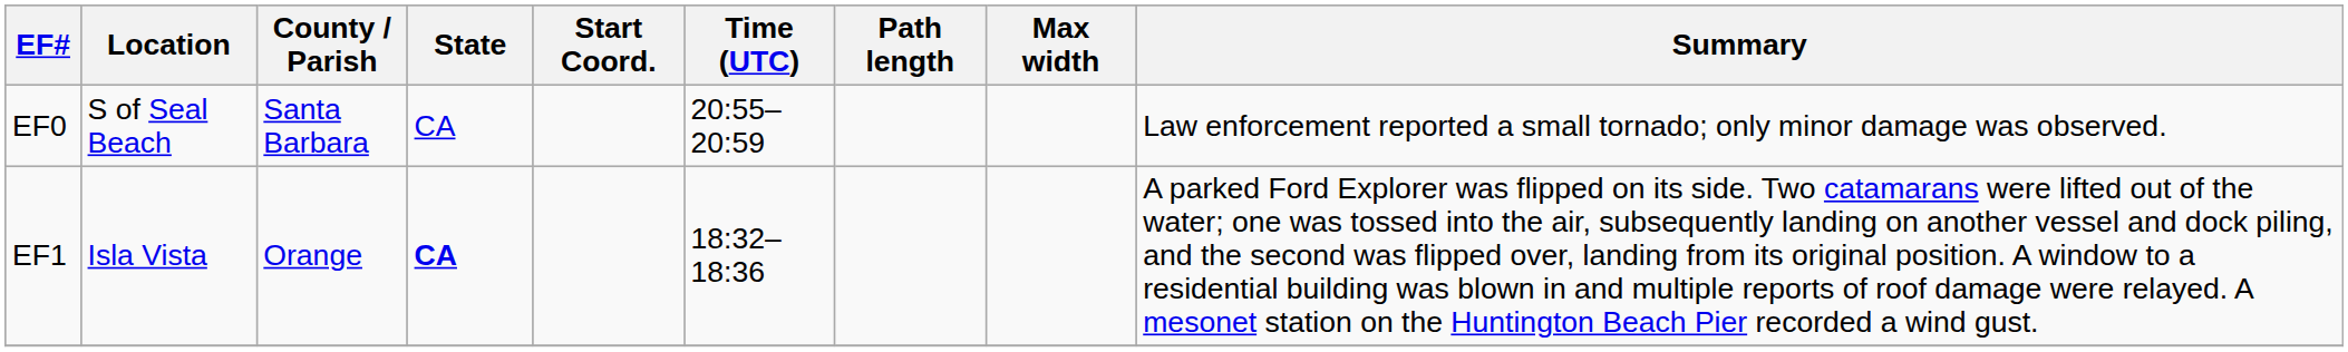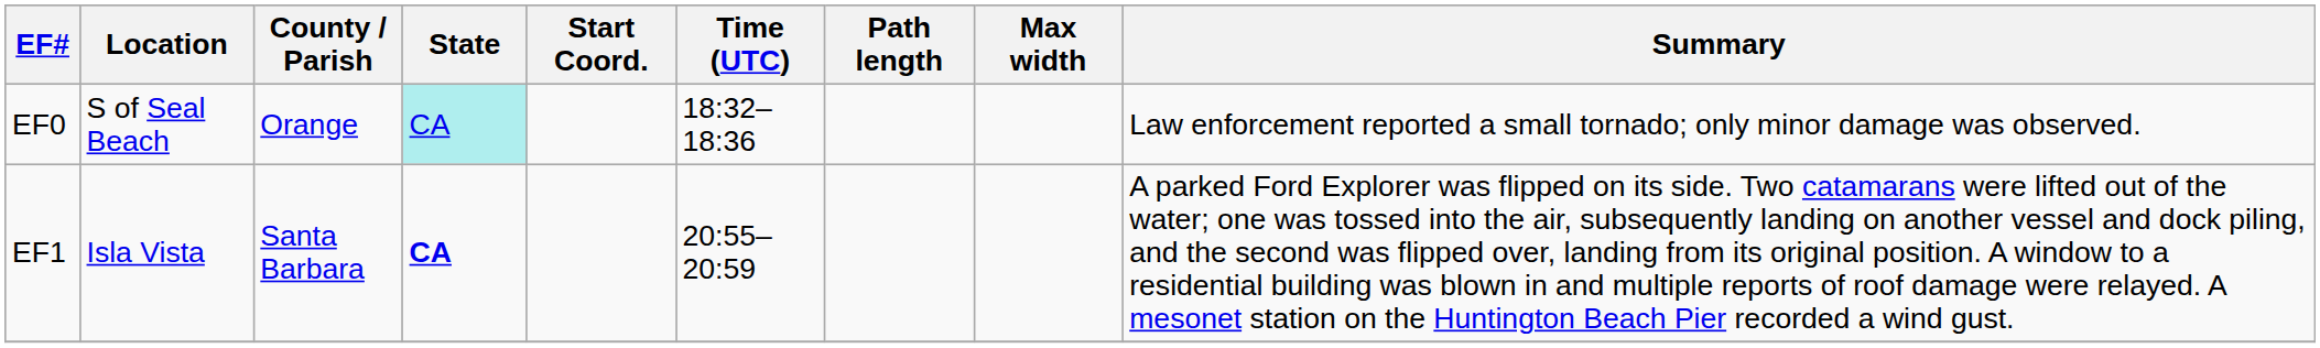 <table class="wikitable sortable" style="width:100%;">
 <tr>
 <th scope="col" width="3%" align="center"><a href='#'>EF#</a></th>
 <th scope="col" width="7%" align="center" class="unsortable">Location</th>
 <th scope="col" width="6%" align="center" class="unsortable">County / Parish</th>
 <th scope="col" width="5%" align="center">State</th>
 <th scope="col" width="6%" align="center">Start Coord.</th>
 <th scope="col" width="6%" align="center">Time (<a href='#'>UTC</a>)</th>
 <th scope="col" width="6%" align="center">Path length</th>
 <th scope="col" width="6%" align="center">Max width</th>
 <th scope="col" width="48%" class="unsortable" align="center">Summary</th>
 </tr>
 <tr>
 <td>EF0</td>
 <td>S of <a href='#'>Seal Beach</a></td>
-<td><a href='#'>Santa Barbara</a></td>
-<td><a href='#'>CA</a></td>
+<td><a href='#'>Orange</a></td>
+<td style="background: paleturquoise;"><a href='#'>CA</a></td>
 <td></td>
-<td>20:55–20:59</td>
+<td>18:32–18:36</td>
 <td></td>
 <td></td>
 <td>Law enforcement reported a small tornado; only minor damage was observed.</td>
 </tr>
 <tr>
 <td>EF1</td>
 <td><a href='#'>Isla Vista</a></td>
-<td><a href='#'>Orange</a></td>
+<td><a href='#'>Santa Barbara</a></td>
 <td><strong><a href='#'>CA</a></strong></td>
 <td></td>
-<td>18:32–18:36</td>
+<td>20:55–20:59</td>
 <td></td>
 <td></td>
 <td>A parked Ford Explorer was flipped on its side. Two <a href='#'>catamarans</a> were lifted out of the water; one was tossed  into the air, subsequently landing on another vessel and dock piling, and the second was flipped over, landing  from its original position. A window to a residential building was blown in and multiple reports of roof damage were relayed. A <a href='#'>mesonet</a> station on the <a href='#'>Huntington Beach Pier</a> recorded a  wind gust.</td>
 </tr>
 <tr>
 </tr>
 </table>
